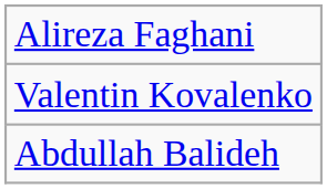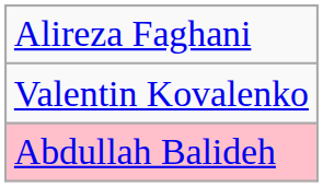 <table class="wikitable">
 <tr>
 <td> <a href='#'>Alireza Faghani</a></td>
 </tr>
 <tr>
 <td> <a href='#'>Valentin Kovalenko</a></td>
 </tr>
 <tr>
-<td> <a href='#'>Abdullah Balideh</a></td>
+<td style="background: pink;"> <a href='#'>Abdullah Balideh</a></td>
 </tr>
 </table>
